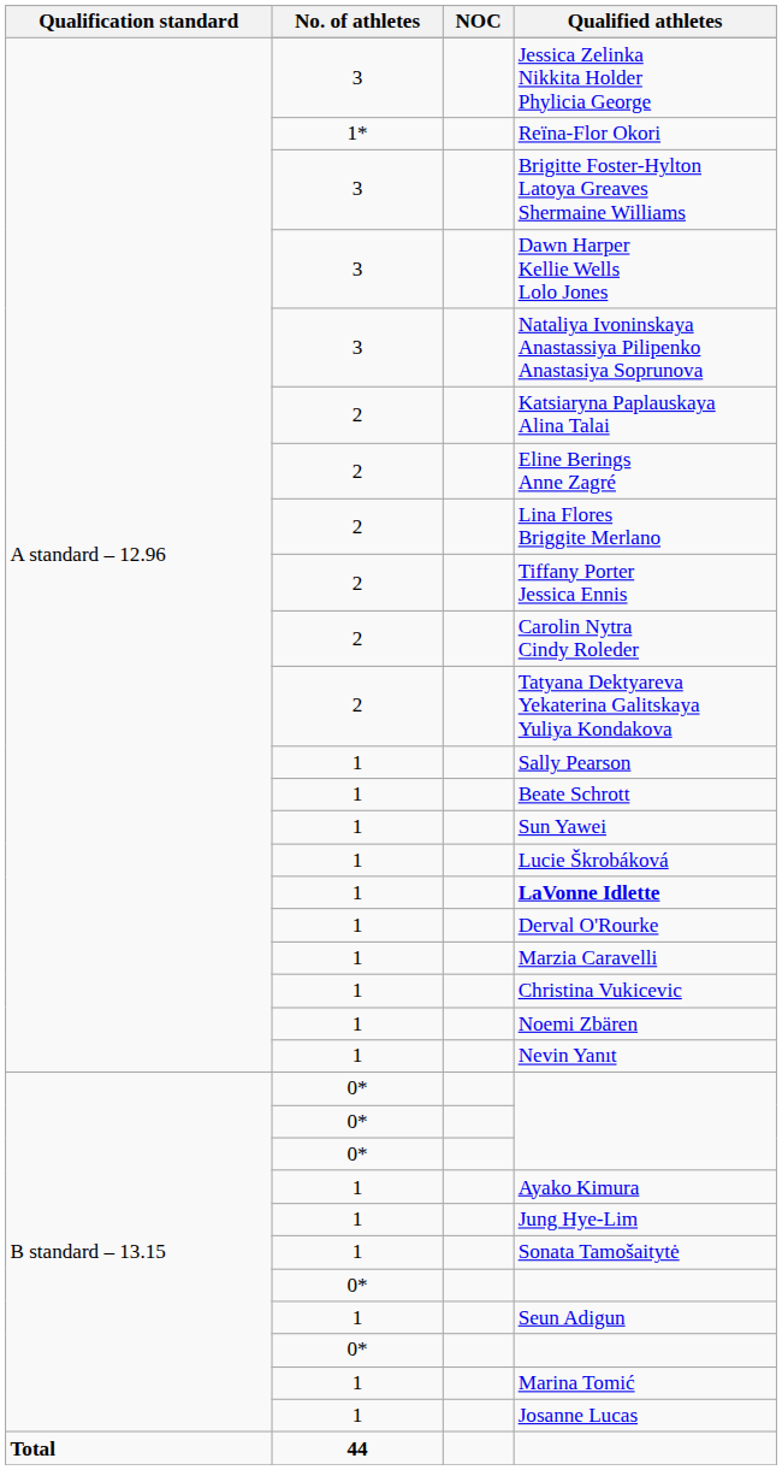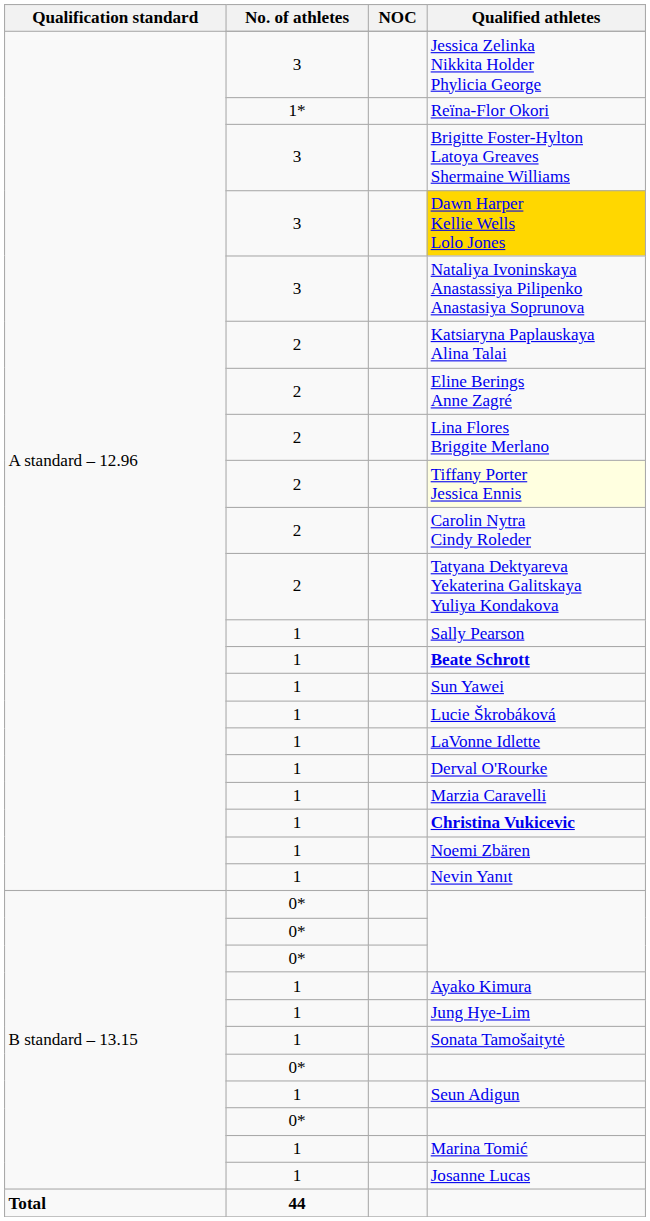 <table class="wikitable"  style="text-align:left; width:600px;">
 <tr>
 <th>Qualification standard</th>
 <th>No. of athletes</th>
 <th>NOC</th>
 <th>Qualified athletes</th>
 </tr>
 <tr>
 <td rowspan="22">A standard – 12.96</td>
 </tr>
 <tr>
 <td align=center>3</td>
 <td></td>
 <td><a href='#'>Jessica Zelinka</a><br> <a href='#'>Nikkita Holder</a><br><a href='#'>Phylicia George</a></td>
 </tr>
 <tr>
 <td align=center>1*</td>
 <td></td>
 <td><a href='#'>Reïna-Flor Okori</a></td>
 </tr>
 <tr>
 <td align=center>3</td>
 <td></td>
 <td><a href='#'>Brigitte Foster-Hylton</a><br><a href='#'>Latoya Greaves</a><br><a href='#'>Shermaine Williams</a></td>
 </tr>
 <tr>
 <td align=center>3</td>
 <td></td>
-<td><a href='#'>Dawn Harper</a> <br> <a href='#'>Kellie Wells</a> <br> <a href='#'>Lolo Jones</a></td>
+<td style="background: gold;"><a href='#'>Dawn Harper</a> <br> <a href='#'>Kellie Wells</a> <br> <a href='#'>Lolo Jones</a></td>
 </tr>
 <tr>
 <td align=center>3</td>
 <td></td>
 <td><a href='#'>Nataliya Ivoninskaya</a><br><a href='#'>Anastassiya Pilipenko</a><br><a href='#'>Anastasiya Soprunova</a></td>
 </tr>
 <tr>
 <td align=center>2</td>
 <td></td>
 <td><a href='#'>Katsiaryna Paplauskaya</a><br><a href='#'>Alina Talai</a></td>
 </tr>
 <tr>
 <td align=center>2</td>
 <td></td>
 <td><a href='#'>Eline Berings</a><br><a href='#'>Anne Zagré</a></td>
 </tr>
 <tr>
 <td align=center>2</td>
 <td></td>
 <td><a href='#'>Lina Flores</a> <br> <a href='#'>Briggite Merlano</a></td>
 </tr>
 <tr>
 <td align=center>2</td>
 <td></td>
-<td><a href='#'>Tiffany Porter</a><br><a href='#'>Jessica Ennis</a></td>
+<td style="background: lightyellow;"><a href='#'>Tiffany Porter</a><br><a href='#'>Jessica Ennis</a></td>
 </tr>
 <tr>
 <td align=center>2</td>
 <td> </td>
 <td><a href='#'>Carolin Nytra</a><br><a href='#'>Cindy Roleder</a></td>
 </tr>
 <tr>
 <td align=center>2</td>
 <td></td>
 <td><a href='#'>Tatyana Dektyareva</a><br><a href='#'>Yekaterina Galitskaya</a><br><a href='#'>Yuliya Kondakova</a></td>
 </tr>
 <tr>
 <td align=center>1</td>
 <td></td>
 <td><a href='#'>Sally Pearson</a></td>
 </tr>
 <tr>
 <td align=center>1</td>
 <td></td>
-<td><a href='#'>Beate Schrott</a></td>
+<td><strong><a href='#'>Beate Schrott</a></strong></td>
 </tr>
 <tr>
 <td align=center>1</td>
 <td></td>
 <td><a href='#'>Sun Yawei</a></td>
 </tr>
 <tr>
 <td align=center>1</td>
 <td></td>
 <td><a href='#'>Lucie Škrobáková</a></td>
 </tr>
 <tr>
 <td align=center>1</td>
 <td></td>
-<td><strong><a href='#'>LaVonne Idlette</a></strong></td>
+<td><a href='#'>LaVonne Idlette</a></td>
 </tr>
 <tr>
 <td align=center>1</td>
 <td></td>
 <td><a href='#'>Derval O'Rourke</a></td>
 </tr>
 <tr>
 <td align=center>1</td>
 <td></td>
 <td><a href='#'>Marzia Caravelli</a></td>
 </tr>
 <tr>
 <td align=center>1</td>
 <td></td>
-<td><a href='#'>Christina Vukicevic</a></td>
+<td><strong><a href='#'>Christina Vukicevic</a></strong></td>
 </tr>
 <tr>
 <td align=center>1</td>
 <td></td>
 <td><a href='#'>Noemi Zbären</a></td>
 </tr>
 <tr>
 <td align=center>1</td>
 <td></td>
 <td><a href='#'>Nevin Yanıt</a></td>
 </tr>
 <tr>
 <td rowspan="11">B standard – 13.15</td>
 <td align=center>0*</td>
 <td><s></s></td>
 </tr>
 <tr>
 <td align=center>0*</td>
 <td><s></s></td>
 </tr>
 <tr>
 <td align=center>0*</td>
 <td><s></s></td>
 </tr>
 <tr>
 <td align=center>1</td>
 <td></td>
 <td><a href='#'>Ayako Kimura</a></td>
 </tr>
 <tr>
 <td align=center>1</td>
 <td></td>
 <td><a href='#'>Jung Hye-Lim</a></td>
 </tr>
 <tr>
 <td align=center>1</td>
 <td></td>
 <td><a href='#'>Sonata Tamošaitytė</a></td>
 </tr>
 <tr>
 <td align=center>0*</td>
 <td><s></s></td>
 </tr>
 <tr>
 <td align=center>1</td>
 <td></td>
 <td><a href='#'>Seun Adigun</a></td>
 </tr>
 <tr>
 <td align=center>0*</td>
 <td></td>
 </tr>
 <tr>
 <td align=center>1</td>
 <td></td>
 <td><a href='#'>Marina Tomić</a></td>
 </tr>
 <tr>
 <td align=center>1</td>
 <td></td>
 <td><a href='#'>Josanne Lucas</a></td>
 </tr>
 <tr>
 <td><strong>Total</strong></td>
 <td align=center><strong>44</strong></td>
 <td></td>
 </tr>
 </table>
